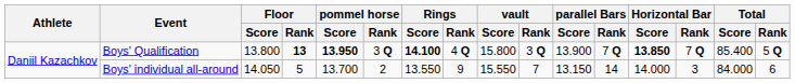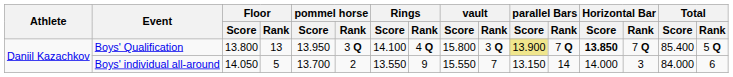 <table class="wikitable" border="1" style="font-size:90%">
 <tr>
 <th rowspan=2>Athlete</th>
 <th rowspan=2>Event</th>
 <th colspan=2>Floor</th>
 <th colspan=2>pommel horse</th>
 <th colspan=2>Rings</th>
 <th colspan=2>vault</th>
 <th colspan=2>parallel Bars</th>
 <th colspan=2>Horizontal Bar</th>
 <th colspan=2>Total</th>
 </tr>
 <tr>
 <th>Score</th>
 <th>Rank</th>
 <th>Score</th>
 <th>Rank</th>
 <th>Score</th>
 <th>Rank</th>
 <th>Score</th>
 <th>Rank</th>
 <th>Score</th>
 <th>Rank</th>
 <th>Score</th>
 <th>Rank</th>
 <th>Score</th>
 <th>Rank</th>
 </tr>
 <tr>
 <td rowspan=2><a href='#'>Daniil Kazachkov</a></td>
 <td><a href='#'>Boys' Qualification</a></td>
 <td align=center>13.800</td>
-<td align=center><strong>13</strong></td>
-<td align=center><strong>13.950</strong></td>
+<td align=center>13</td>
+<td align=center>13.950</td>
 <td align=center>3 <strong>Q</strong></td>
-<td align=center><strong>14.100</strong></td>
+<td align=center>14.100</td>
 <td align=center>4 <strong>Q</strong></td>
 <td align=center>15.800</td>
 <td align=center>3 <strong>Q</strong></td>
-<td align=center>13.900</td>
+<td align=center style="background: khaki;">13.900</td>
 <td align=center>7 <strong>Q</strong></td>
 <td align=center><strong>13.850</strong></td>
 <td align=center>7 <strong>Q</strong></td>
 <td align=center>85.400</td>
 <td align=center>5 <strong>Q</strong></td>
 </tr>
 <tr>
 <td><a href='#'>Boys' individual all-around</a></td>
 <td align=center>14.050</td>
 <td align=center>5</td>
 <td align=center>13.700</td>
 <td align=center>2</td>
 <td align=center>13.550</td>
 <td align=center>9</td>
 <td align=center>15.550</td>
 <td align=center>7</td>
 <td align=center>13.150</td>
 <td align=center>14</td>
 <td align=center>14.000</td>
 <td align=center>3</td>
 <td align=center>84.000</td>
 <td align=center>6</td>
 </tr>
 </table>
